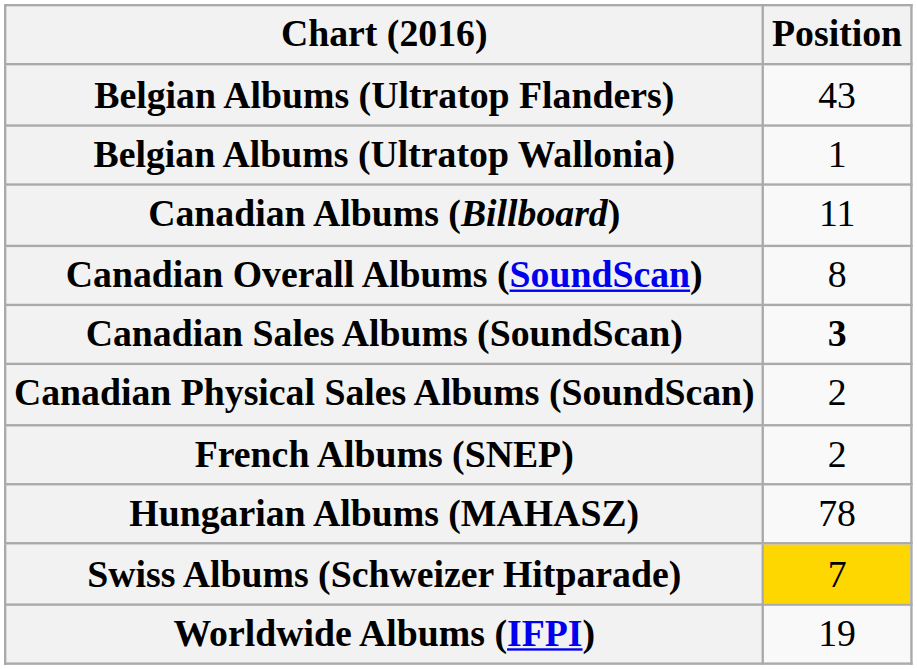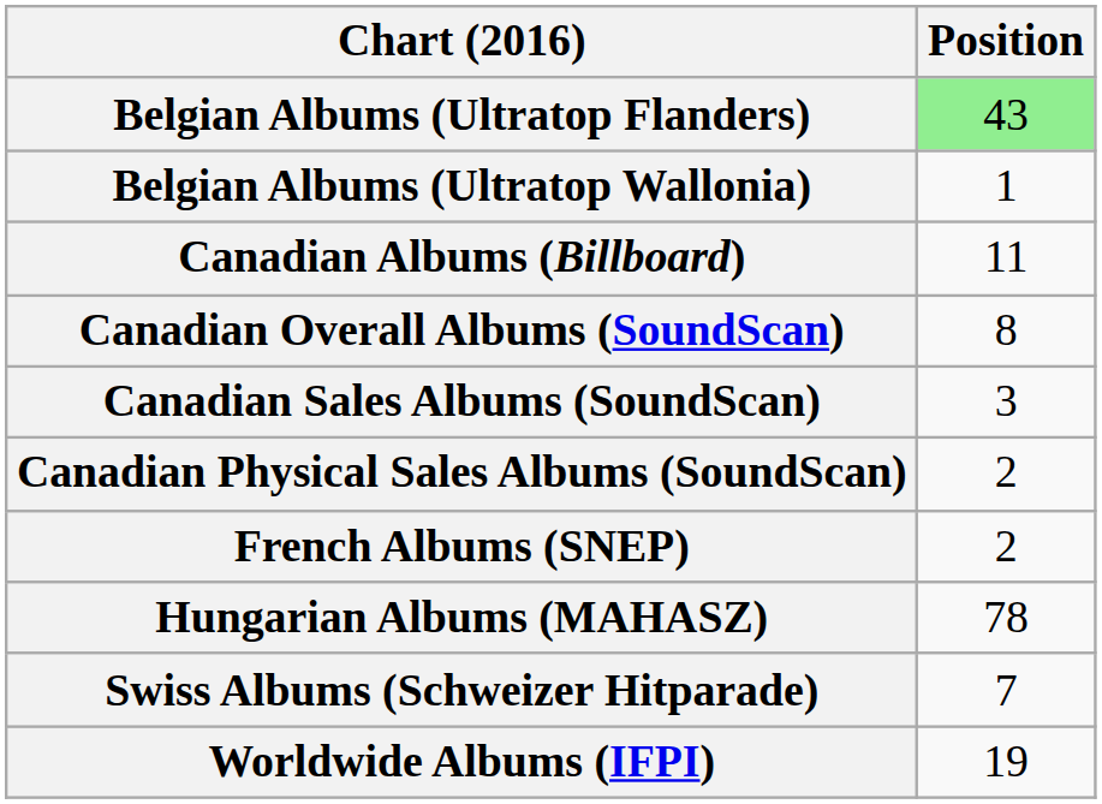 <table class="wikitable sortable plainrowheaders" style="text-align:center">
 <tr>
 <th scope="col">Chart (2016)</th>
 <th scope="col">Position</th>
 </tr>
 <tr>
 <th scope="row">Belgian Albums (Ultratop Flanders)</th>
-<td>43</td>
+<td style="background: lightgreen;">43</td>
 </tr>
 <tr>
 <th scope="row">Belgian Albums (Ultratop Wallonia)</th>
 <td>1</td>
 </tr>
 <tr>
 <th scope="row">Canadian Albums (<em>Billboard</em>)</th>
 <td>11</td>
 </tr>
 <tr>
 <th scope="row">Canadian Overall Albums (<a href='#'>SoundScan</a>)</th>
 <td>8</td>
 </tr>
 <tr>
 <th scope="row">Canadian Sales Albums (SoundScan)</th>
-<td><strong>3</strong></td>
+<td>3</td>
 </tr>
 <tr>
 <th scope="row">Canadian Physical Sales Albums (SoundScan)</th>
 <td>2</td>
 </tr>
 <tr>
 <th scope="row">French Albums (SNEP)</th>
 <td>2</td>
 </tr>
 <tr>
 <th scope="row">Hungarian Albums (MAHASZ)</th>
 <td>78</td>
 </tr>
 <tr>
 <th scope="row">Swiss Albums (Schweizer Hitparade)</th>
-<td style="background: gold;">7</td>
+<td>7</td>
 </tr>
 <tr>
 <th scope="row">Worldwide Albums (<a href='#'>IFPI</a>)</th>
 <td>19</td>
 </tr>
 </table>
